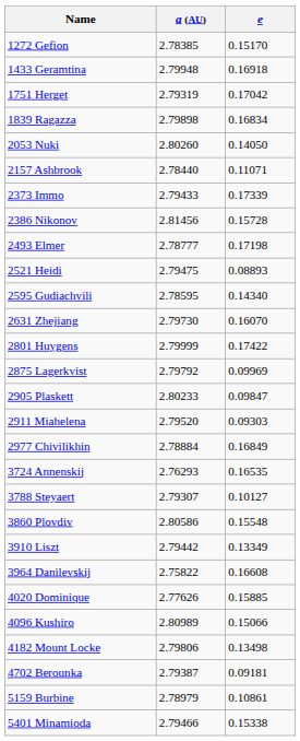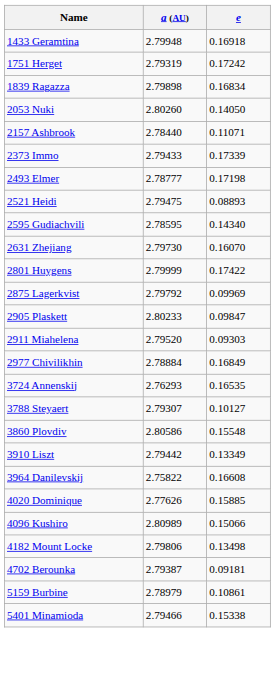 <table class="wikitable" style="font-size: 89%; float: left; width: 24em; margin-right: 1em; line-height: 1.6em !important;">
 <tr>
 <th>Name</th>
 <th><em><a href='#'>a</a></em> <small>(<a href='#'>AU</a>)</small></th>
 <th><em><a href='#'>e</a></em></th>
-</tr>
-<tr>
-<td><a href='#'>1272 Gefion</a></td>
-<td>2.78385</td>
-<td>0.15170</td>
 </tr>
 <tr>
 <td><a href='#'>1433 Geramtina</a></td>
 <td>2.79948</td>
 <td>0.16918</td>
 </tr>
 <tr>
 <td><a href='#'>1751 Herget</a></td>
 <td>2.79319</td>
-<td>0.17042</td>
+<td>0.17242</td>
 </tr>
 <tr>
 <td><a href='#'>1839 Ragazza</a></td>
 <td>2.79898</td>
 <td>0.16834</td>
 </tr>
 <tr>
 <td><a href='#'>2053 Nuki</a></td>
 <td>2.80260</td>
 <td>0.14050</td>
 </tr>
 <tr>
 <td><a href='#'>2157 Ashbrook</a></td>
 <td>2.78440</td>
 <td>0.11071</td>
 </tr>
 <tr>
 <td><a href='#'>2373 Immo</a></td>
 <td>2.79433</td>
 <td>0.17339</td>
-</tr>
-<tr>
-<td><a href='#'>2386 Nikonov</a></td>
-<td>2.81456</td>
-<td>0.15728</td>
 </tr>
 <tr>
 <td><a href='#'>2493 Elmer</a></td>
 <td>2.78777</td>
 <td>0.17198</td>
 </tr>
 <tr>
 <td><a href='#'>2521 Heidi</a></td>
 <td>2.79475</td>
 <td>0.08893</td>
 </tr>
 <tr>
 <td><a href='#'>2595 Gudiachvili</a></td>
 <td>2.78595</td>
 <td>0.14340</td>
 </tr>
 <tr>
 <td><a href='#'>2631 Zhejiang</a></td>
 <td>2.79730</td>
 <td>0.16070</td>
 </tr>
 <tr>
 <td><a href='#'>2801 Huygens</a></td>
 <td>2.79999</td>
 <td>0.17422</td>
 </tr>
 <tr>
 <td><a href='#'>2875 Lagerkvist</a></td>
 <td>2.79792</td>
 <td>0.09969</td>
 </tr>
 <tr>
 <td><a href='#'>2905 Plaskett</a></td>
 <td>2.80233</td>
 <td>0.09847</td>
 </tr>
 <tr>
 <td><a href='#'>2911 Miahelena</a></td>
 <td>2.79520</td>
 <td>0.09303</td>
 </tr>
 <tr>
 <td><a href='#'>2977 Chivilikhin</a></td>
 <td>2.78884</td>
 <td>0.16849</td>
 </tr>
 <tr>
 <td><a href='#'>3724 Annenskij</a></td>
 <td>2.76293</td>
 <td>0.16535</td>
 </tr>
 <tr>
 <td><a href='#'>3788 Steyaert</a></td>
 <td>2.79307</td>
 <td>0.10127</td>
 </tr>
 <tr>
 <td><a href='#'>3860 Plovdiv</a></td>
 <td>2.80586</td>
 <td>0.15548</td>
 </tr>
 <tr>
 <td><a href='#'>3910 Liszt</a></td>
 <td>2.79442</td>
 <td>0.13349</td>
 </tr>
 <tr>
 <td><a href='#'>3964 Danilevskij</a></td>
 <td>2.75822</td>
 <td>0.16608</td>
 </tr>
 <tr>
 <td><a href='#'>4020 Dominique</a></td>
 <td>2.77626</td>
 <td>0.15885</td>
 </tr>
 <tr>
 <td><a href='#'>4096 Kushiro</a></td>
 <td>2.80989</td>
 <td>0.15066</td>
 </tr>
 <tr>
 <td><a href='#'>4182 Mount Locke</a></td>
 <td>2.79806</td>
 <td>0.13498</td>
 </tr>
 <tr>
 <td><a href='#'>4702 Berounka</a></td>
 <td>2.79387</td>
 <td>0.09181</td>
 </tr>
 <tr>
 <td><a href='#'>5159 Burbine</a></td>
 <td>2.78979</td>
 <td>0.10861</td>
 </tr>
 <tr>
 <td><a href='#'>5401 Minamioda</a></td>
 <td>2.79466</td>
 <td>0.15338</td>
 </tr>
 </table>
